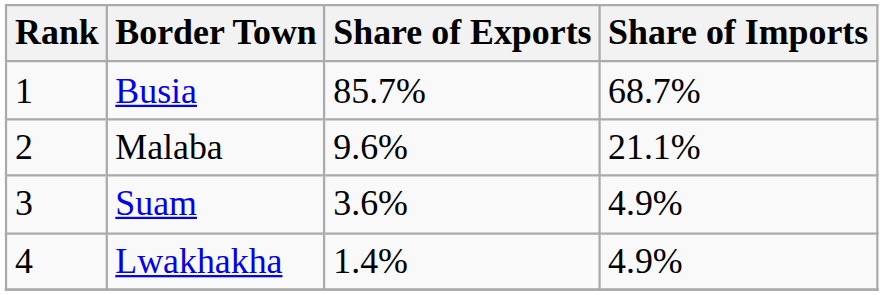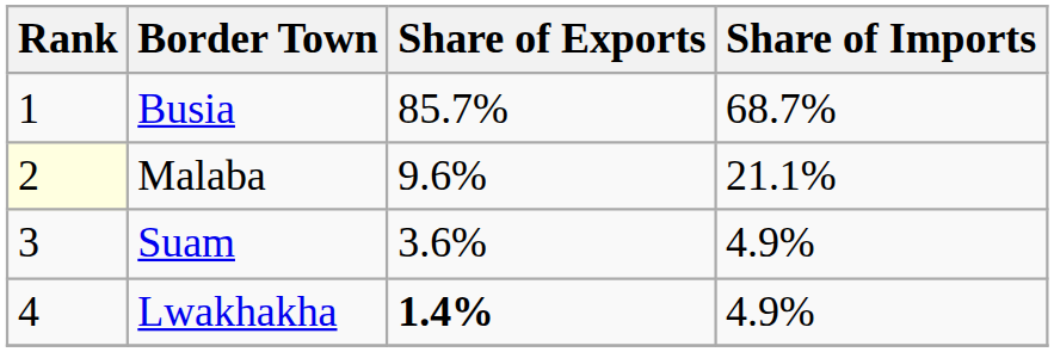 <table class="wikitable sortable" style="margin-left:auto;margin-right:auto">
 <tr>
 <th style="width:2em;">Rank</th>
 <th>Border Town</th>
 <th>Share of Exports</th>
 <th>Share of Imports</th>
 </tr>
 <tr>
 <td>1</td>
 <td><a href='#'>Busia</a></td>
 <td>85.7%</td>
 <td>68.7%</td>
 </tr>
 <tr>
-<td>2</td>
+<td style="background: lightyellow;">2</td>
 <td>Malaba</td>
 <td>9.6%</td>
 <td>21.1%</td>
 </tr>
 <tr>
 <td>3</td>
 <td><a href='#'>Suam</a></td>
 <td>3.6%</td>
 <td>4.9%</td>
 </tr>
 <tr>
 <td>4</td>
 <td><a href='#'>Lwakhakha</a></td>
-<td>1.4%</td>
+<td><strong>1.4%</strong></td>
 <td>4.9%</td>
 </tr>
 <tr>
 </tr>
 </table>
